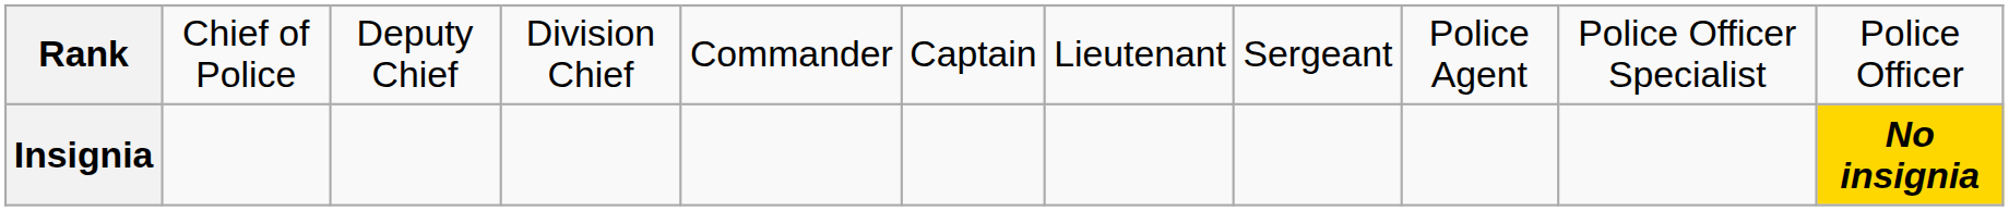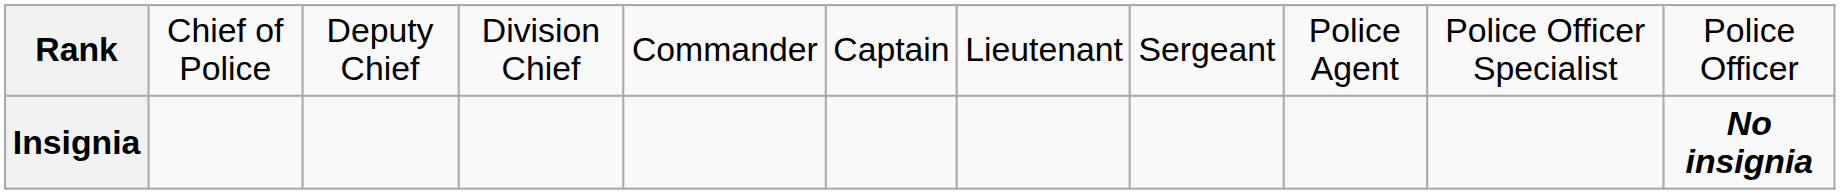 <table class="wikitable">
 <tr style="text-align:center;">
 <th>Rank</th>
 <td>Chief of Police</td>
 <td>Deputy Chief</td>
 <td>Division Chief</td>
 <td>Commander</td>
 <td>Captain</td>
 <td>Lieutenant</td>
 <td>Sergeant</td>
 <td>Police Agent</td>
 <td>Police Officer Specialist</td>
 <td>Police Officer</td>
 </tr>
 <tr style="text-align:center;">
 <th>Insignia</th>
 <td></td>
 <td></td>
 <td></td>
 <td></td>
 <td></td>
 <td></td>
 <td></td>
 <td></td>
 <td></td>
-<td style="background: gold;"><strong><em>No insignia</em></strong></td>
+<td><strong><em>No insignia</em></strong></td>
 </tr>
 </table>
